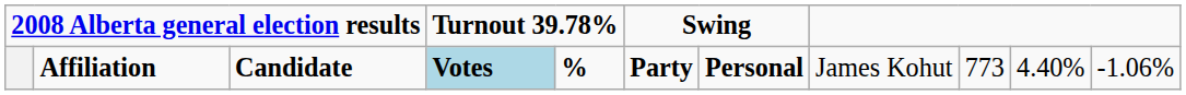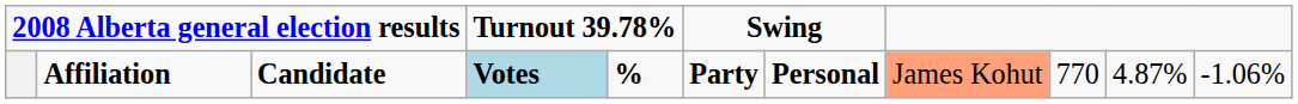 <table class="wikitable">
 <tr>
 <td colspan="3" align=center><strong><a href='#'>2008 Alberta general election</a> results</strong></td>
 <td colspan="2"><strong>Turnout 39.78%</strong></td>
 <td colspan="2" align=center><strong>Swing</strong></td>
 </tr>
 <tr>
 <th style="width: 10px;"></th>
 <td><strong>Affiliation</strong></td>
 <td><strong>Candidate</strong></td>
 <td style="background: lightblue;"><strong>Votes</strong></td>
 <td><strong>%</strong></td>
 <td><strong>Party</strong></td>
 <td><strong>Personal</strong><br>   </td>
-<td>James Kohut</td>
-<td>773</td>
-<td>4.40%</td>
+<td style="background: lightsalmon;">James Kohut</td>
+<td>770</td>
+<td>4.87%</td>
 <td colspan=2 align=center>-1.06%<br>    </td>
 </tr>
 </table>
